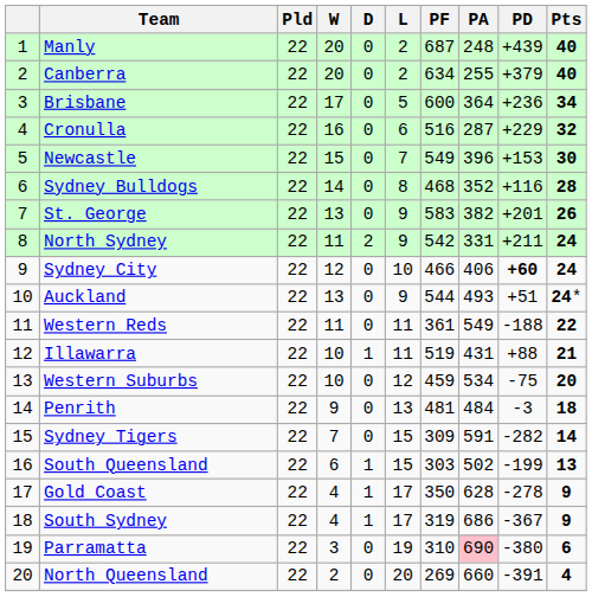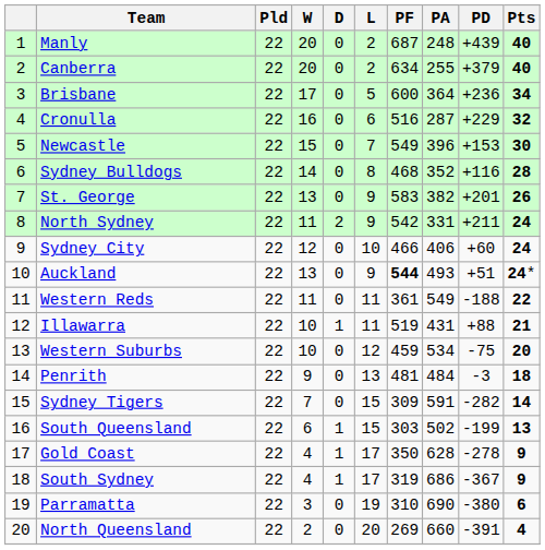 <table class="wikitable" style="text-align:center;">
 <tr>
 <th width=20 abbr="Position×"></th>
 <th width=175>Team</th>
 <th width=20 abbr="Played">Pld</th>
 <th width=20 abbr="Won">W</th>
 <th width=20 abbr="Drawn">D</th>
 <th width=20 abbr="Lost">L</th>
 <th width=20 abbr="Points for">PF</th>
 <th width=20 abbr="Points against">PA</th>
 <th width=20 abbr="Points difference">PD</th>
 <th width=20 abbr="Points">Pts</th>
 </tr>
 <tr style="background: #ccffcc;">
 <td>1</td>
 <td style="text-align:left;"> <a href='#'>Manly</a></td>
 <td>22</td>
 <td>20</td>
 <td>0</td>
 <td>2</td>
 <td>687</td>
 <td>248</td>
 <td>+439</td>
 <td><strong>40</strong></td>
 </tr>
 <tr style="background: #ccffcc;">
 <td>2</td>
 <td style="text-align:left;"> <a href='#'>Canberra</a></td>
 <td>22</td>
 <td>20</td>
 <td>0</td>
 <td>2</td>
 <td>634</td>
 <td>255</td>
 <td>+379</td>
 <td><strong>40</strong></td>
 </tr>
 <tr style="background: #ccffcc;">
 <td>3</td>
 <td style="text-align:left;"> <a href='#'>Brisbane</a></td>
 <td>22</td>
 <td>17</td>
 <td>0</td>
 <td>5</td>
 <td>600</td>
 <td>364</td>
 <td>+236</td>
 <td><strong>34</strong></td>
 </tr>
 <tr style="background: #ccffcc;">
 <td>4</td>
 <td style="text-align:left;"> <a href='#'>Cronulla</a></td>
 <td>22</td>
 <td>16</td>
 <td>0</td>
 <td>6</td>
 <td>516</td>
 <td>287</td>
 <td>+229</td>
 <td><strong>32</strong></td>
 </tr>
 <tr style="background: #ccffcc;">
 <td>5</td>
 <td style="text-align:left;"> <a href='#'>Newcastle</a></td>
 <td>22</td>
 <td>15</td>
 <td>0</td>
 <td>7</td>
 <td>549</td>
 <td>396</td>
 <td>+153</td>
 <td><strong>30</strong></td>
 </tr>
 <tr style="background: #ccffcc;">
 <td>6</td>
 <td style="text-align:left;"> <a href='#'>Sydney Bulldogs</a></td>
 <td>22</td>
 <td>14</td>
 <td>0</td>
 <td>8</td>
 <td>468</td>
 <td>352</td>
 <td>+116</td>
 <td><strong>28</strong></td>
 </tr>
 <tr style="background: #ccffcc;">
 <td>7</td>
 <td style="text-align:left;"> <a href='#'>St. George</a></td>
 <td>22</td>
 <td>13</td>
 <td>0</td>
 <td>9</td>
 <td>583</td>
 <td>382</td>
 <td>+201</td>
 <td><strong>26</strong></td>
 </tr>
 <tr style="background: #ccffcc;">
 <td>8</td>
 <td style="text-align:left;"> <a href='#'>North Sydney</a></td>
 <td>22</td>
 <td>11</td>
 <td>2</td>
 <td>9</td>
 <td>542</td>
 <td>331</td>
 <td>+211</td>
 <td><strong>24</strong></td>
 </tr>
 <tr>
 <td>9</td>
 <td style="text-align:left;"> <a href='#'>Sydney City</a></td>
 <td>22</td>
 <td>12</td>
 <td>0</td>
 <td>10</td>
 <td>466</td>
 <td>406</td>
-<td><strong>+60</strong></td>
+<td>+60</td>
 <td><strong>24</strong></td>
 </tr>
 <tr>
 <td>10</td>
 <td style="text-align:left;"> <a href='#'>Auckland</a></td>
 <td>22</td>
 <td>13</td>
 <td>0</td>
 <td>9</td>
-<td>544</td>
+<td><strong>544</strong></td>
 <td>493</td>
 <td>+51</td>
 <td><strong>24</strong>*</td>
 </tr>
 <tr>
 <td>11</td>
 <td style="text-align:left;"> <a href='#'>Western Reds</a></td>
 <td>22</td>
 <td>11</td>
 <td>0</td>
 <td>11</td>
 <td>361</td>
 <td>549</td>
 <td>-188</td>
 <td><strong>22</strong></td>
 </tr>
 <tr>
 <td>12</td>
 <td style="text-align:left;"> <a href='#'>Illawarra</a></td>
 <td>22</td>
 <td>10</td>
 <td>1</td>
 <td>11</td>
 <td>519</td>
 <td>431</td>
 <td>+88</td>
 <td><strong>21</strong></td>
 </tr>
 <tr>
 <td>13</td>
 <td style="text-align:left;"> <a href='#'>Western Suburbs</a></td>
 <td>22</td>
 <td>10</td>
 <td>0</td>
 <td>12</td>
 <td>459</td>
 <td>534</td>
 <td>-75</td>
 <td><strong>20</strong></td>
 </tr>
 <tr>
 <td>14</td>
 <td style="text-align:left;"> <a href='#'>Penrith</a></td>
 <td>22</td>
 <td>9</td>
 <td>0</td>
 <td>13</td>
 <td>481</td>
 <td>484</td>
 <td>-3</td>
 <td><strong>18</strong></td>
 </tr>
 <tr>
 <td>15</td>
 <td style="text-align:left;"> <a href='#'>Sydney Tigers</a></td>
 <td>22</td>
 <td>7</td>
 <td>0</td>
 <td>15</td>
 <td>309</td>
 <td>591</td>
 <td>-282</td>
 <td><strong>14</strong></td>
 </tr>
 <tr>
 <td>16</td>
 <td style="text-align:left;"> <a href='#'>South Queensland</a></td>
 <td>22</td>
 <td>6</td>
 <td>1</td>
 <td>15</td>
 <td>303</td>
 <td>502</td>
 <td>-199</td>
 <td><strong>13</strong></td>
 </tr>
 <tr>
 <td>17</td>
 <td style="text-align:left;"> <a href='#'>Gold Coast</a></td>
 <td>22</td>
 <td>4</td>
 <td>1</td>
 <td>17</td>
 <td>350</td>
 <td>628</td>
 <td>-278</td>
 <td><strong>9</strong></td>
 </tr>
 <tr>
 <td>18</td>
 <td style="text-align:left;"> <a href='#'>South Sydney</a></td>
 <td>22</td>
 <td>4</td>
 <td>1</td>
 <td>17</td>
 <td>319</td>
 <td>686</td>
 <td>-367</td>
 <td><strong>9</strong></td>
 </tr>
 <tr>
 <td>19</td>
 <td style="text-align:left;"> <a href='#'>Parramatta</a></td>
 <td>22</td>
 <td>3</td>
 <td>0</td>
 <td>19</td>
 <td>310</td>
-<td style="background: pink;">690</td>
+<td>690</td>
 <td>-380</td>
 <td><strong>6</strong></td>
 </tr>
 <tr>
 <td>20</td>
 <td style="text-align:left;"> <a href='#'>North Queensland</a></td>
 <td>22</td>
 <td>2</td>
 <td>0</td>
 <td>20</td>
 <td>269</td>
 <td>660</td>
 <td>-391</td>
 <td><strong>4</strong></td>
 </tr>
 <tr>
 </tr>
 </table>
